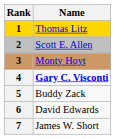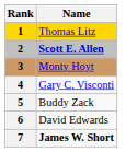 <table class="wikitable">
 <tr>
 <th>Rank</th>
 <th>Name</th>
 </tr>
 <tr bgcolor="gold">
 <td align="center"><strong>1</strong></td>
 <td><a href='#'>Thomas Litz</a></td>
 </tr>
 <tr bgcolor="silver">
 <td align="center"><strong>2</strong></td>
-<td><a href='#'>Scott E. Allen</a></td>
+<td><strong><a href='#'>Scott E. Allen</a></strong></td>
 </tr>
 <tr bgcolor="cc9966">
 <td align="center"><strong>3</strong></td>
 <td><a href='#'>Monty Hoyt</a></td>
 </tr>
 <tr>
 <th>4</th>
-<td><strong><a href='#'>Gary C. Visconti</a></strong></td>
+<td><a href='#'>Gary C. Visconti</a></td>
 </tr>
 <tr>
 <th>5</th>
 <td>Buddy Zack</td>
 </tr>
 <tr>
 <th>6</th>
 <td>David Edwards</td>
 </tr>
 <tr>
 <th>7</th>
-<td>James W. Short</td>
+<td><strong>James W. Short</strong></td>
 </tr>
 </table>
